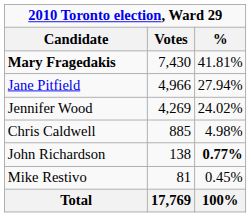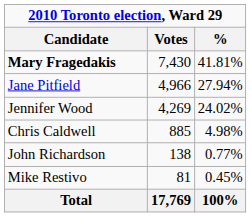 <table class="wikitable">
 <tr>
 <td Colspan="3" align="center"><strong><a href='#'>2010 Toronto election</a>, Ward 29</strong></td>
 </tr>
 <tr>
 <th bgcolor="#DDDDFF" width="150px">Candidate</th>
 <th bgcolor="#DDDDFF">Votes</th>
 <th bgcolor="#DDDDFF">%</th>
 </tr>
 <tr>
 <td><strong>Mary Fragedakis</strong></td>
 <td align=right>7,430</td>
 <td align=right>41.81%</td>
 </tr>
 <tr>
 <td><a href='#'>Jane Pitfield</a></td>
 <td align=right>4,966</td>
 <td align=right>27.94%</td>
 </tr>
 <tr>
 <td>Jennifer Wood</td>
 <td align=right>4,269</td>
 <td align=right>24.02%</td>
 </tr>
 <tr>
 <td>Chris Caldwell</td>
 <td align=right>885</td>
 <td align=right>4.98%</td>
 </tr>
 <tr>
 <td>John Richardson</td>
 <td align=right>138</td>
-<td align=right><strong>0.77%</strong></td>
+<td align=right>0.77%</td>
 </tr>
 <tr>
 <td>Mike Restivo</td>
 <td align=right>81</td>
 <td align=right>0.45%</td>
 </tr>
 <tr>
 <th>Total</th>
 <th align=right>17,769</th>
 <th align=right>100%</th>
 </tr>
 </table>
